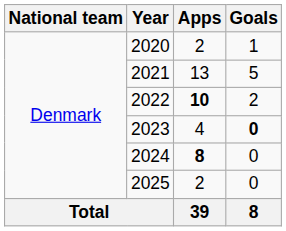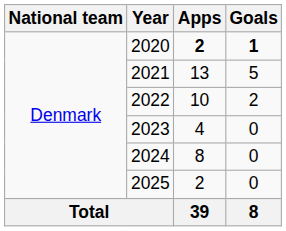 <table class=wikitable style=text-align:center>
 <tr>
 <th>National team</th>
 <th>Year</th>
 <th>Apps</th>
 <th>Goals</th>
 </tr>
 <tr>
 <td rowspan="6"><a href='#'>Denmark</a></td>
 <td>2020</td>
-<td>2</td>
-<td>1</td>
+<td><strong>2</strong></td>
+<td><strong>1</strong></td>
 </tr>
 <tr>
 <td>2021</td>
 <td>13</td>
 <td>5</td>
 </tr>
 <tr>
 <td>2022</td>
-<td><strong>10</strong></td>
+<td>10</td>
 <td>2</td>
 </tr>
 <tr>
 <td>2023</td>
 <td>4</td>
-<td><strong>0</strong></td>
+<td>0</td>
 </tr>
 <tr>
 <td>2024</td>
-<td><strong>8</strong></td>
+<td>8</td>
 <td>0</td>
 </tr>
 <tr>
 <td>2025</td>
 <td>2</td>
 <td>0</td>
 </tr>
 <tr>
 <th colspan="2">Total</th>
 <th>39</th>
 <th>8</th>
 </tr>
 </table>
